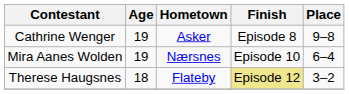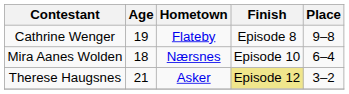 <table class="wikitable" style="text-align:center;">
 <tr>
 <th colspan="1">Contestant</th>
 <th colspan="1">Age</th>
 <th colspan="1">Hometown</th>
 <th colspan="1">Finish</th>
 <th>Place</th>
 </tr>
 <tr>
 <td>Cathrine Wenger</td>
 <td>19</td>
-<td><a href='#'>Asker</a></td>
+<td><a href='#'>Flateby</a></td>
 <td>Episode 8</td>
 <td>9–8</td>
 </tr>
 <tr>
 <td>Mira Aanes Wolden</td>
-<td>19</td>
+<td>18</td>
 <td><a href='#'>Nærsnes</a></td>
 <td>Episode 10</td>
 <td>6–4</td>
 </tr>
 <tr>
 <td>Therese Haugsnes</td>
-<td>18</td>
-<td><a href='#'>Flateby</a></td>
+<td>21</td>
+<td><a href='#'>Asker</a></td>
 <td style="background: khaki;">Episode 12</td>
 <td>3–2</td>
 </tr>
 <tr>
 </tr>
 </table>
